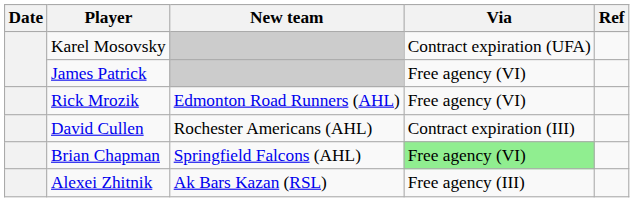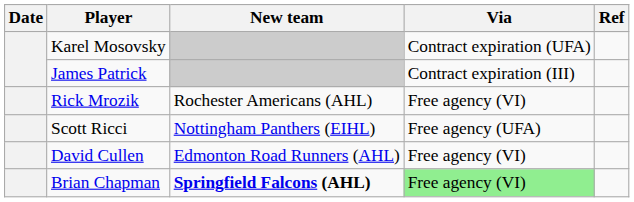 <table class="wikitable plainrowheaders">
 <tr style="background:#ddd; text-align:center;">
 <th>Date</th>
 <th>Player</th>
 <th>New team</th>
 <th>Via</th>
 <th>Ref</th>
 </tr>
 <tr>
 <th scope="row" rowspan=2></th>
 <td>Karel Mosovsky</td>
 <td style="background:#ccc"></td>
 <td>Contract expiration (UFA)</td>
 <td></td>
 </tr>
 <tr>
 <td><a href='#'>James Patrick</a></td>
 <td style="background:#ccc"></td>
+<td>Contract expiration (III)</td>
+<td></td>
+</tr>
+<tr>
+<th scope="row"></th>
+<td><a href='#'>Rick Mrozik</a></td>
+<td>Rochester Americans (AHL)</td>
 <td>Free agency (VI)</td>
 <td></td>
 </tr>
 <tr>
 <th scope="row"></th>
-<td><a href='#'>Rick Mrozik</a></td>
+<td>Scott Ricci</td>
+<td><a href='#'>Nottingham Panthers</a> (<a href='#'>EIHL</a>)</td>
+<td>Free agency (UFA)</td>
+<td></td>
+</tr>
+<tr>
+<th scope="row"></th>
+<td><a href='#'>David Cullen</a></td>
 <td><a href='#'>Edmonton Road Runners</a> (<a href='#'>AHL</a>)</td>
 <td>Free agency (VI)</td>
 <td></td>
 </tr>
 <tr>
 <th scope="row"></th>
-<td><a href='#'>David Cullen</a></td>
-<td>Rochester Americans (AHL)</td>
-<td>Contract expiration (III)</td>
-<td></td>
-</tr>
-<tr>
-<th scope="row"></th>
 <td><a href='#'>Brian Chapman</a></td>
-<td><a href='#'>Springfield Falcons</a> (AHL)</td>
+<td><strong><a href='#'>Springfield Falcons</a> (AHL)</strong></td>
 <td style="background: lightgreen;">Free agency (VI)</td>
 <td></td>
 </tr>
-<tr>
-<th scope="row"></th>
-<td><a href='#'>Alexei Zhitnik</a></td>
-<td><a href='#'>Ak Bars Kazan</a> (<a href='#'>RSL</a>)</td>
-<td>Free agency (III)</td>
-<td></td>
-</tr>
 </table>
